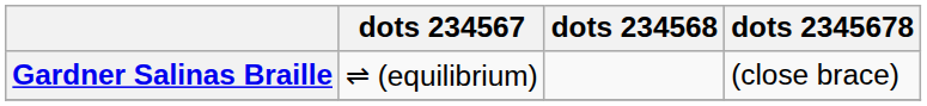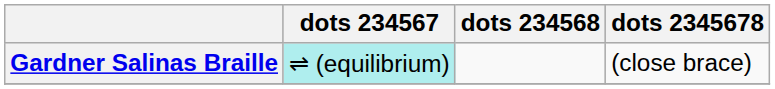 <table class="wikitable">
 <tr>
 <th></th>
 <th>dots 234567</th>
 <th>dots 234568</th>
 <th>dots 2345678</th>
 </tr>
 <tr>
 <th align=left><a href='#'>Gardner Salinas Braille</a></th>
-<td>⇌ (equilibrium)</td>
+<td style="background: paleturquoise;">⇌ (equilibrium)</td>
 <td></td>
 <td> (close brace)</td>
 </tr>
 <tr>
 </tr>
 <tr>
 </tr>
 </table>
